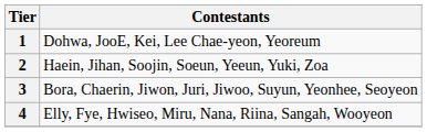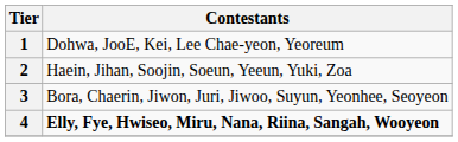 <table class="wikitable plainrowheaders">
 <tr>
 <th scope="col">Tier</th>
 <th scope="col">Contestants</th>
 </tr>
 <tr>
 <th>1</th>
 <td>Dohwa, JooE, Kei, Lee Chae-yeon, Yeoreum</td>
 </tr>
 <tr>
 <th>2</th>
 <td>Haein, Jihan, Soojin, Soeun, Yeeun, Yuki, Zoa</td>
 </tr>
 <tr>
 <th>3</th>
 <td>Bora, Chaerin, Jiwon, Juri, Jiwoo, Suyun, Yeonhee, Seoyeon</td>
 </tr>
 <tr>
 <th>4</th>
-<td>Elly, Fye, Hwiseo, Miru, Nana, Riina, Sangah, Wooyeon</td>
+<td><strong>Elly, Fye, Hwiseo, Miru, Nana, Riina, Sangah, Wooyeon</strong></td>
 </tr>
 <tr>
 </tr>
 </table>
